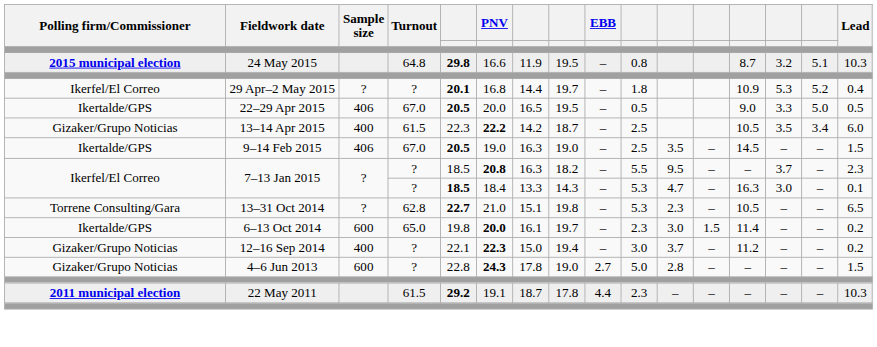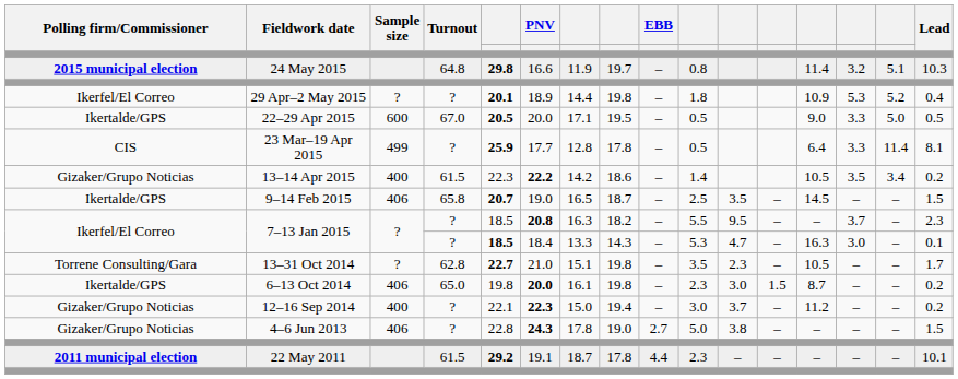 <table class="wikitable collapsible collapsed" style="text-align:center; font-size:95%; line-height:16px;">
 <tr style="height:42px;">
 <th style="width:250px;" rowspan="2">Polling firm/Commissioner</th>
 <th style="width:125px;" rowspan="2">Fieldwork date</th>
 <th style="width:50px;" rowspan="2">Sample size</th>
 <th style="width:45px;" rowspan="2">Turnout</th>
 <th style="width:35px;"></th>
 <th style="width:35px;"><a href='#'>PNV</a></th>
 <th style="width:35px;"></th>
 <th style="width:35px;"></th>
 <th style="width:35px;"><a href='#'>EBB</a></th>
 <th style="width:35px;"></th>
 <th style="width:35px;"></th>
 <th style="width:35px;"></th>
 <th style="width:35px;"></th>
 <th style="width:35px;"></th>
 <th style="width:35px;"></th>
 <th style="width:30px;" rowspan="2">Lead</th>
 </tr>
 <tr>
 <th style="color:inherit;background:"></th>
 <th style="color:inherit;background:"></th>
 <th style="color:inherit;background:"></th>
 <th style="color:inherit;background:"></th>
 <th style="color:inherit;background:"></th>
 <th style="color:inherit;background:"></th>
 <th style="color:inherit;background:"></th>
 <th style="color:inherit;background:"></th>
 <th style="color:inherit;background:"></th>
 <th style="color:inherit;background:"></th>
 <th style="color:inherit;background:"></th>
 </tr>
 <tr>
 <td colspan="16" style="background:#A0A0A0"></td>
 </tr>
 <tr style="background:#EFEFEF;">
 <td><strong><a href='#'>2015 municipal election</a></strong></td>
 <td>24 May 2015</td>
 <td></td>
 <td>64.8</td>
 <td><strong>29.8</strong><br></td>
 <td>16.6<br></td>
 <td>11.9<br></td>
-<td>19.5<br></td>
+<td>19.7<br></td>
 <td>–</td>
 <td>0.8<br></td>
 <td></td>
 <td></td>
-<td>8.7<br></td>
+<td>11.4<br></td>
 <td>3.2<br></td>
 <td>5.1<br></td>
 <td style="background:">10.3</td>
 </tr>
 <tr>
 <td colspan="16" style="background:#A0A0A0"></td>
 </tr>
 <tr>
 <td>Ikerfel/El Correo</td>
 <td>29 Apr–2 May 2015</td>
 <td>?</td>
 <td>?</td>
 <td><strong>20.1</strong><br></td>
-<td>16.8<br></td>
+<td>18.9<br></td>
 <td>14.4<br></td>
-<td>19.7<br></td>
+<td>19.8<br></td>
 <td>–</td>
 <td>1.8<br></td>
 <td></td>
 <td></td>
 <td>10.9<br></td>
 <td>5.3<br></td>
 <td>5.2<br></td>
 <td style="background:">0.4</td>
 </tr>
 <tr>
 <td>Ikertalde/GPS</td>
 <td>22–29 Apr 2015</td>
-<td>406</td>
+<td>600</td>
 <td>67.0</td>
 <td><strong>20.5</strong><br></td>
 <td>20.0<br></td>
-<td>16.5<br></td>
+<td>17.1<br></td>
 <td>19.5<br></td>
 <td>–</td>
 <td>0.5<br></td>
 <td></td>
 <td></td>
 <td>9.0<br></td>
 <td>3.3<br></td>
 <td>5.0<br></td>
 <td style="background:">0.5</td>
 </tr>
 <tr>
+<td>CIS</td>
+<td>23 Mar–19 Apr 2015</td>
+<td>499</td>
+<td>?</td>
+<td><strong>25.9</strong><br></td>
+<td>17.7<br></td>
+<td>12.8<br></td>
+<td>17.8<br></td>
+<td>–</td>
+<td>0.5<br></td>
+<td></td>
+<td></td>
+<td>6.4<br></td>
+<td>3.3<br></td>
+<td>11.4<br></td>
+<td style="background:">8.1</td>
+</tr>
+<tr>
 <td>Gizaker/Grupo Noticias</td>
 <td>13–14 Apr 2015</td>
 <td>400</td>
 <td>61.5</td>
 <td>22.3<br></td>
 <td><strong>22.2</strong><br></td>
 <td>14.2<br></td>
-<td>18.7<br></td>
+<td>18.6<br></td>
 <td>–</td>
-<td>2.5<br></td>
+<td>1.4<br></td>
 <td></td>
 <td></td>
 <td>10.5<br></td>
 <td>3.5<br></td>
 <td>3.4<br></td>
-<td style="background:">6.0</td>
+<td style="background:">0.2</td>
 </tr>
 <tr>
 <td>Ikertalde/GPS</td>
 <td>9–14 Feb 2015</td>
 <td>406</td>
-<td>67.0</td>
-<td><strong>20.5</strong><br></td>
+<td>65.8</td>
+<td><strong>20.7</strong><br></td>
 <td>19.0<br></td>
-<td>16.3<br></td>
-<td>19.0<br></td>
+<td>16.5<br></td>
+<td>18.7<br></td>
 <td>–</td>
 <td>2.5<br></td>
 <td>3.5<br></td>
 <td>–</td>
 <td>14.5<br></td>
 <td>–</td>
 <td>–</td>
 <td style="background:">1.5</td>
 </tr>
 <tr>
 <td rowspan="2">Ikerfel/El Correo</td>
 <td rowspan="2">7–13 Jan 2015</td>
 <td rowspan="2">?</td>
 <td>?</td>
 <td>18.5<br></td>
 <td><strong>20.8</strong><br></td>
 <td>16.3<br></td>
 <td>18.2<br></td>
 <td>–</td>
 <td>5.5<br></td>
 <td>9.5<br></td>
 <td>–</td>
 <td>–</td>
 <td>3.7<br></td>
 <td>–</td>
 <td style="background:">2.3</td>
 </tr>
 <tr>
 <td>?</td>
 <td><strong>18.5</strong><br></td>
 <td>18.4<br></td>
 <td>13.3<br></td>
 <td>14.3<br></td>
 <td>–</td>
 <td>5.3<br></td>
 <td>4.7<br></td>
 <td>–</td>
 <td>16.3<br></td>
 <td>3.0<br></td>
 <td>–</td>
 <td style="background:">0.1</td>
 </tr>
 <tr>
 <td>Torrene Consulting/Gara</td>
 <td>13–31 Oct 2014</td>
 <td>?</td>
 <td>62.8</td>
 <td><strong>22.7</strong><br></td>
 <td>21.0<br></td>
 <td>15.1<br></td>
 <td>19.8<br></td>
 <td>–</td>
-<td>5.3<br></td>
+<td>3.5<br></td>
 <td>2.3<br></td>
 <td>–</td>
 <td>10.5<br></td>
 <td>–</td>
 <td>–</td>
-<td style="background:">6.5</td>
+<td style="background:">1.7</td>
 </tr>
 <tr>
 <td>Ikertalde/GPS</td>
 <td>6–13 Oct 2014</td>
-<td>600</td>
+<td>406</td>
 <td>65.0</td>
 <td>19.8<br></td>
 <td><strong>20.0</strong><br></td>
 <td>16.1<br></td>
-<td>19.7<br></td>
+<td>19.8<br></td>
 <td>–</td>
 <td>2.3<br></td>
 <td>3.0<br></td>
 <td>1.5<br></td>
-<td>11.4<br></td>
+<td>8.7<br></td>
 <td>–</td>
 <td>–</td>
 <td style="background:">0.2</td>
 </tr>
 <tr>
 <td>Gizaker/Grupo Noticias</td>
 <td>12–16 Sep 2014</td>
 <td>400</td>
 <td>?</td>
 <td>22.1<br></td>
 <td><strong>22.3</strong><br></td>
 <td>15.0<br></td>
 <td>19.4<br></td>
 <td>–</td>
 <td>3.0<br></td>
 <td>3.7<br></td>
 <td>–</td>
 <td>11.2<br></td>
 <td>–</td>
 <td>–</td>
 <td style="background:">0.2</td>
 </tr>
 <tr>
 <td>Gizaker/Grupo Noticias</td>
 <td>4–6 Jun 2013</td>
-<td>600</td>
+<td>406</td>
 <td>?</td>
 <td>22.8<br></td>
 <td><strong>24.3</strong><br></td>
 <td>17.8<br></td>
 <td>19.0<br></td>
 <td>2.7<br></td>
 <td>5.0<br></td>
-<td>2.8<br></td>
+<td>3.8<br></td>
 <td>–</td>
 <td>–</td>
 <td>–</td>
 <td>–</td>
 <td style="background:">1.5</td>
 </tr>
 <tr>
 <td colspan="16" style="background:#A0A0A0"></td>
 </tr>
 <tr style="background:#EFEFEF;">
 <td><strong><a href='#'>2011 municipal election</a></strong></td>
 <td>22 May 2011</td>
 <td></td>
 <td>61.5</td>
 <td><strong>29.2</strong><br></td>
 <td>19.1<br></td>
 <td>18.7<br></td>
 <td>17.8<br></td>
 <td>4.4<br></td>
 <td>2.3<br></td>
 <td>–</td>
 <td>–</td>
 <td>–</td>
 <td>–</td>
 <td>–</td>
-<td style="background:">10.3</td>
+<td style="background:">10.1</td>
 </tr>
 <tr>
 <td colspan="16" style="background:#A0A0A0"></td>
 </tr>
 </table>
